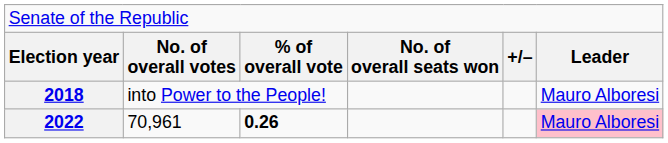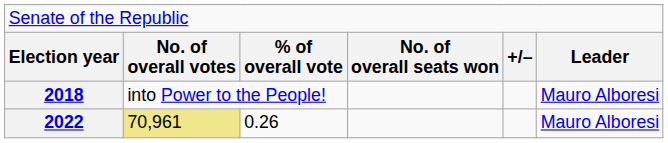 <table class=wikitable>
 <tr>
 <td colspan=6><a href='#'>Senate of the Republic</a></td>
 </tr>
 <tr>
 <th>Election year</th>
 <th>No. of<br>overall votes</th>
 <th>% of<br>overall vote</th>
 <th>No. of<br>overall seats won</th>
 <th>+/–</th>
 <th>Leader</th>
 </tr>
 <tr>
 <th><a href='#'>2018</a></th>
 <td colspan=2>into <a href='#'>Power to the People!</a></td>
 <td></td>
 <td></td>
 <td><a href='#'>Mauro Alboresi</a></td>
 </tr>
 <tr>
 <th><a href='#'>2022</a></th>
-<td>70,961</td>
-<td><strong>0.26</strong></td>
+<td style="background: khaki;">70,961</td>
+<td>0.26</td>
 <td></td>
 <td></td>
-<td style="background: pink;"><a href='#'>Mauro Alboresi</a></td>
+<td><a href='#'>Mauro Alboresi</a></td>
 </tr>
 </table>
